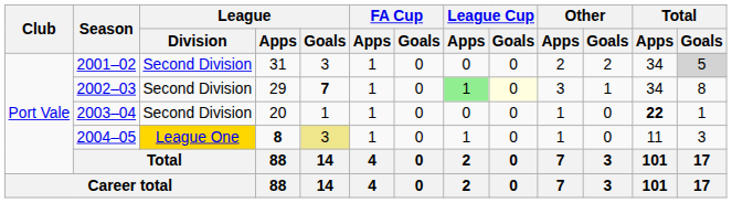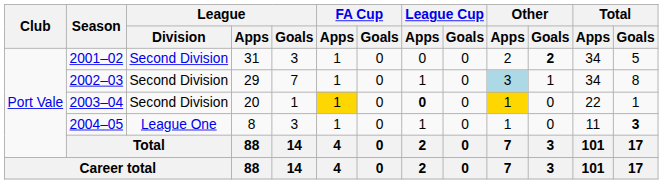 <table class="wikitable" style="text-align:center">
 <tr>
 <th rowspan="2">Club</th>
 <th rowspan="2">Season</th>
 <th colspan="3">League</th>
 <th colspan="2"><a href='#'>FA Cup</a></th>
 <th colspan="2"><a href='#'>League Cup</a></th>
 <th colspan="2">Other</th>
 <th colspan="2">Total</th>
 </tr>
 <tr>
 <th>Division</th>
 <th>Apps</th>
 <th>Goals</th>
 <th>Apps</th>
 <th>Goals</th>
 <th>Apps</th>
 <th>Goals</th>
 <th>Apps</th>
 <th>Goals</th>
 <th>Apps</th>
 <th>Goals</th>
 </tr>
 <tr>
 <td rowspan="5"><a href='#'>Port Vale</a></td>
 <td><a href='#'>2001–02</a></td>
 <td><a href='#'>Second Division</a></td>
 <td>31</td>
 <td>3</td>
 <td>1</td>
 <td>0</td>
 <td>0</td>
 <td>0</td>
 <td>2</td>
-<td>2</td>
+<td><strong>2</strong></td>
 <td>34</td>
-<td style="background: lightgrey;">5</td>
+<td>5</td>
 </tr>
 <tr>
 <td><a href='#'>2002–03</a></td>
 <td>Second Division</td>
 <td>29</td>
-<td><strong>7</strong></td>
+<td>7</td>
 <td>1</td>
 <td>0</td>
-<td style="background: lightgreen;">1</td>
-<td style="background: lightyellow;">0</td>
-<td>3</td>
+<td>1</td>
+<td>0</td>
+<td style="background: lightblue;">3</td>
 <td>1</td>
 <td>34</td>
 <td>8</td>
 </tr>
 <tr>
 <td><a href='#'>2003–04</a></td>
 <td>Second Division</td>
 <td>20</td>
 <td>1</td>
-<td>1</td>
+<td style="background: gold;">1</td>
 <td>0</td>
+<td><strong>0</strong></td>
 <td>0</td>
+<td style="background: gold;">1</td>
 <td>0</td>
-<td>1</td>
-<td>0</td>
-<td><strong>22</strong></td>
+<td>22</td>
 <td>1</td>
 </tr>
 <tr>
 <td><a href='#'>2004–05</a></td>
-<td style="background: gold;"><a href='#'>League One</a></td>
-<td><strong>8</strong></td>
-<td style="background: khaki;">3</td>
+<td><a href='#'>League One</a></td>
+<td>8</td>
+<td>3</td>
 <td>1</td>
 <td>0</td>
 <td>1</td>
 <td>0</td>
 <td>1</td>
 <td>0</td>
 <td>11</td>
-<td>3</td>
+<td><strong>3</strong></td>
 </tr>
 <tr>
 <th colspan="2">Total</th>
 <th>88</th>
 <th>14</th>
 <th>4</th>
 <th>0</th>
 <th>2</th>
 <th>0</th>
 <th>7</th>
 <th>3</th>
 <th>101</th>
 <th>17</th>
 </tr>
 <tr>
 <th colspan="3">Career total</th>
 <th>88</th>
 <th>14</th>
 <th>4</th>
 <th>0</th>
 <th>2</th>
 <th>0</th>
 <th>7</th>
 <th>3</th>
 <th>101</th>
 <th>17</th>
 </tr>
 </table>
